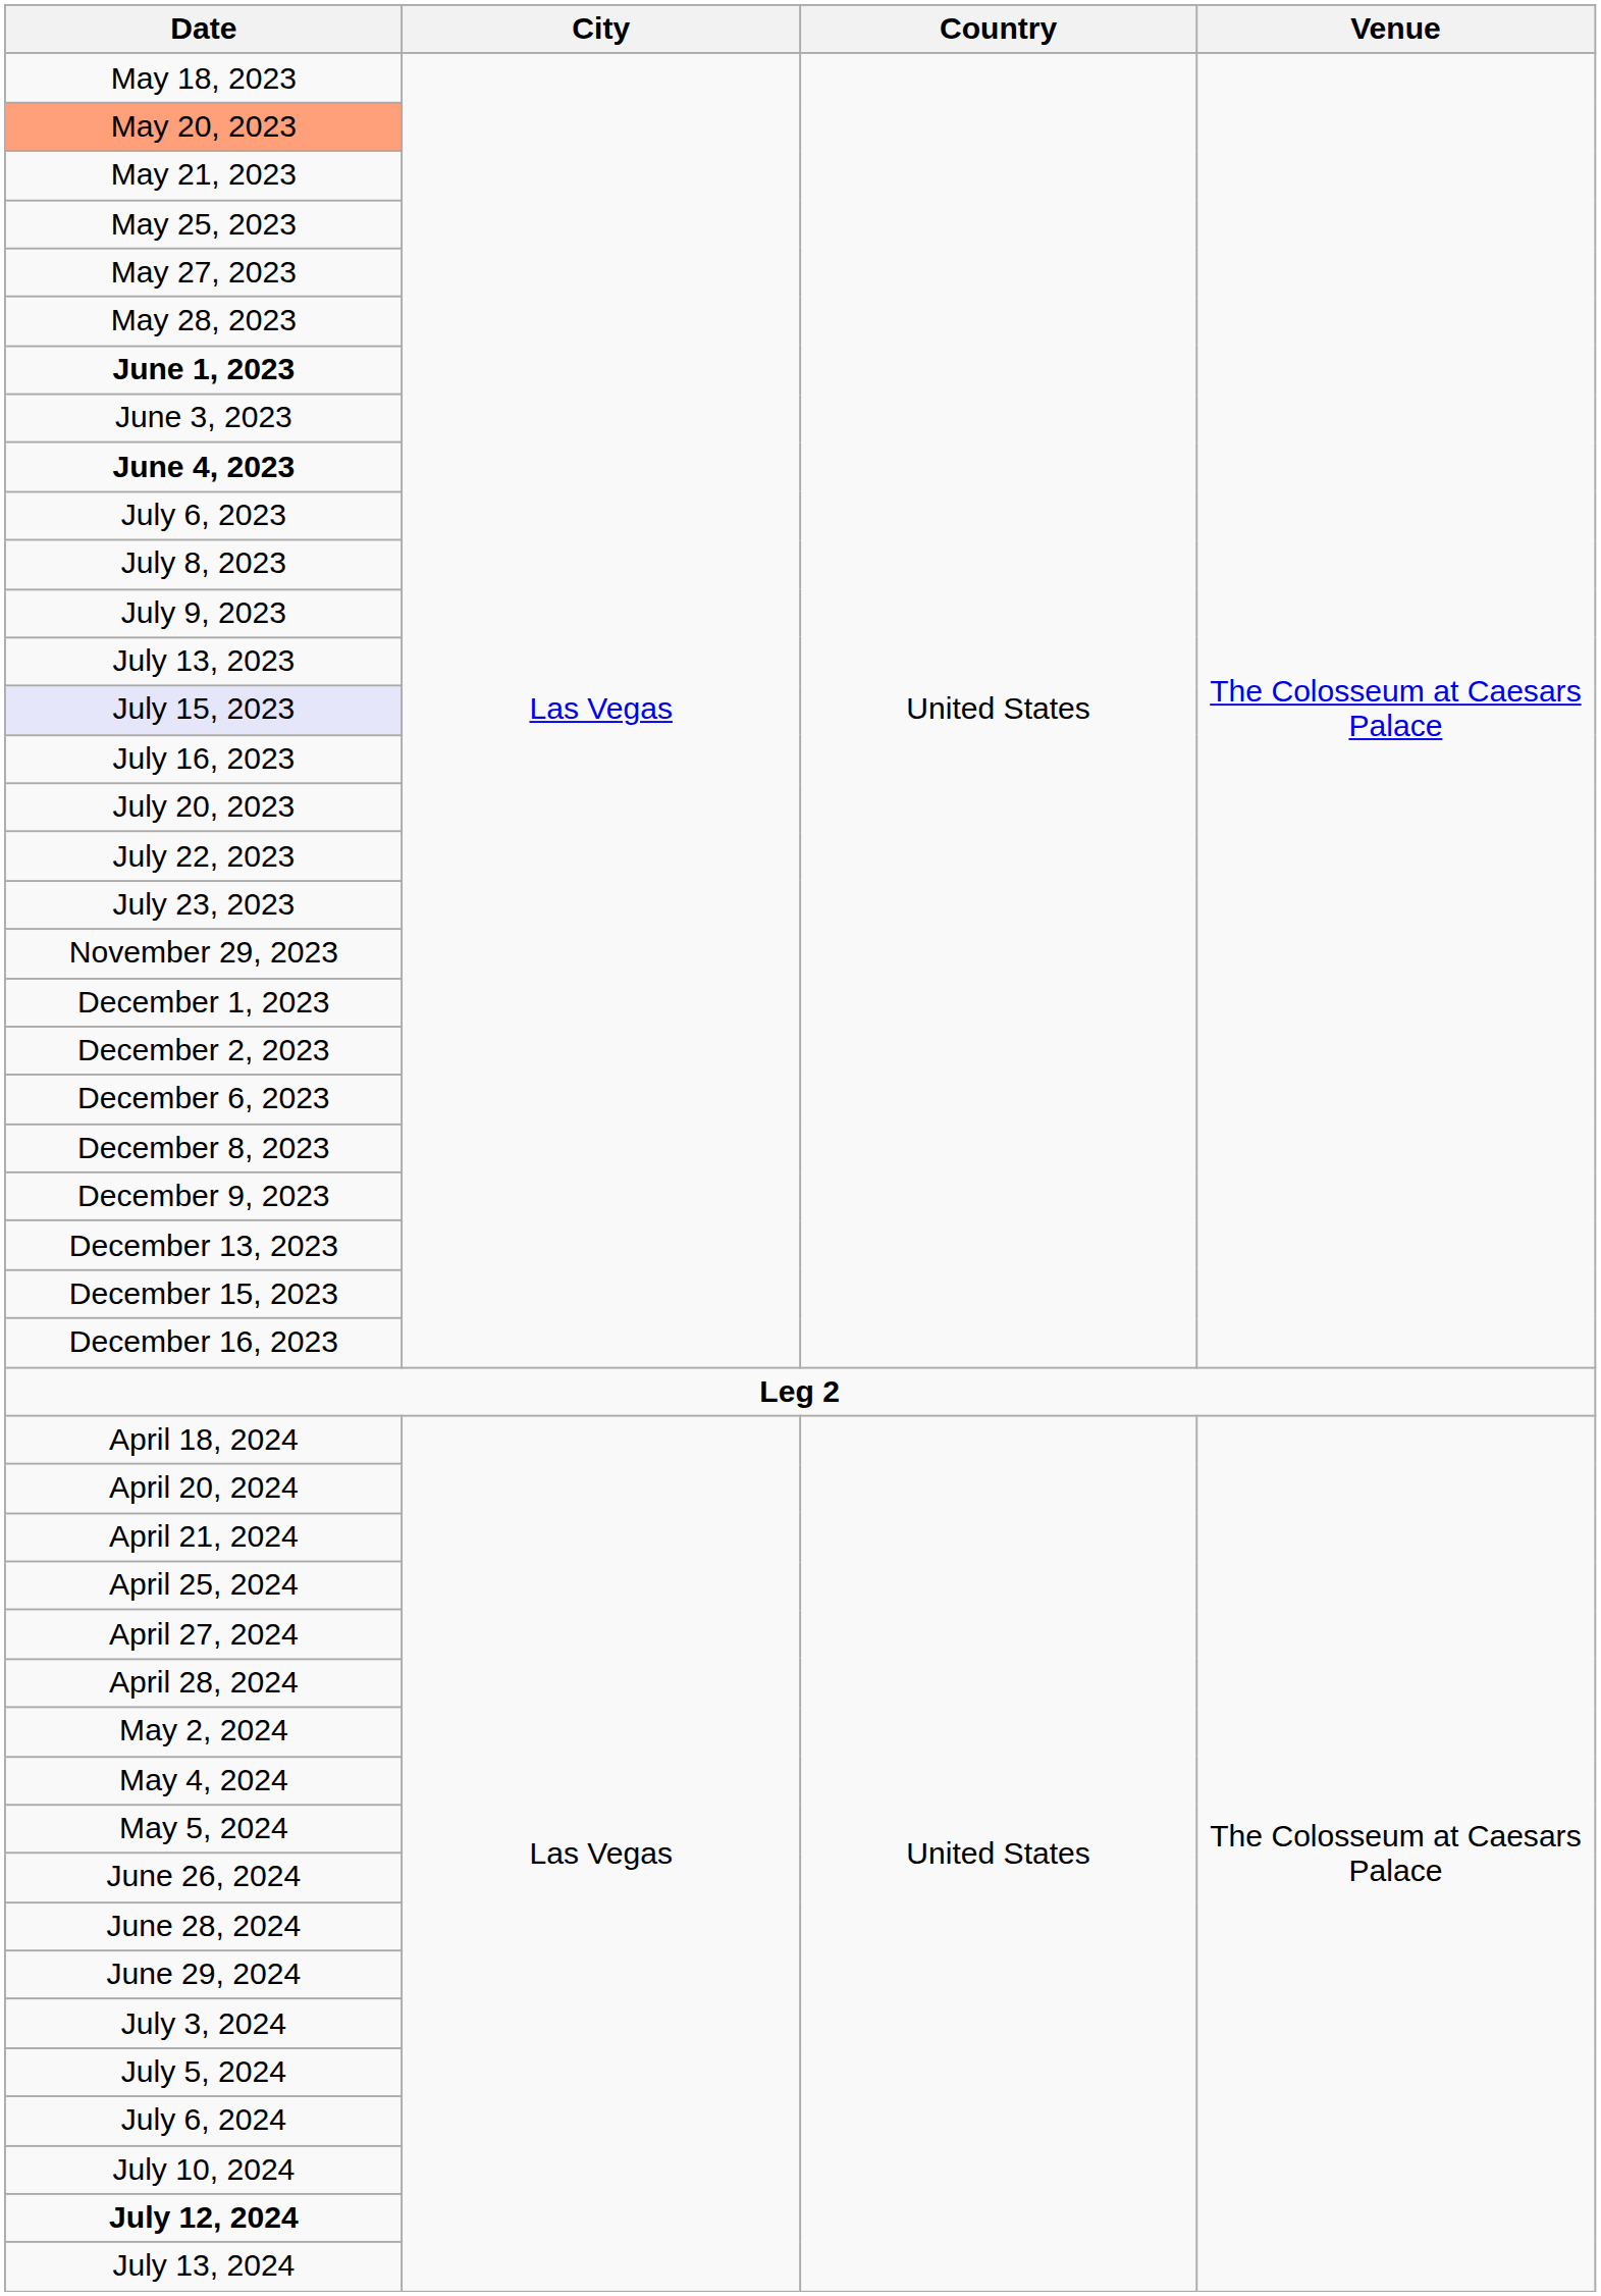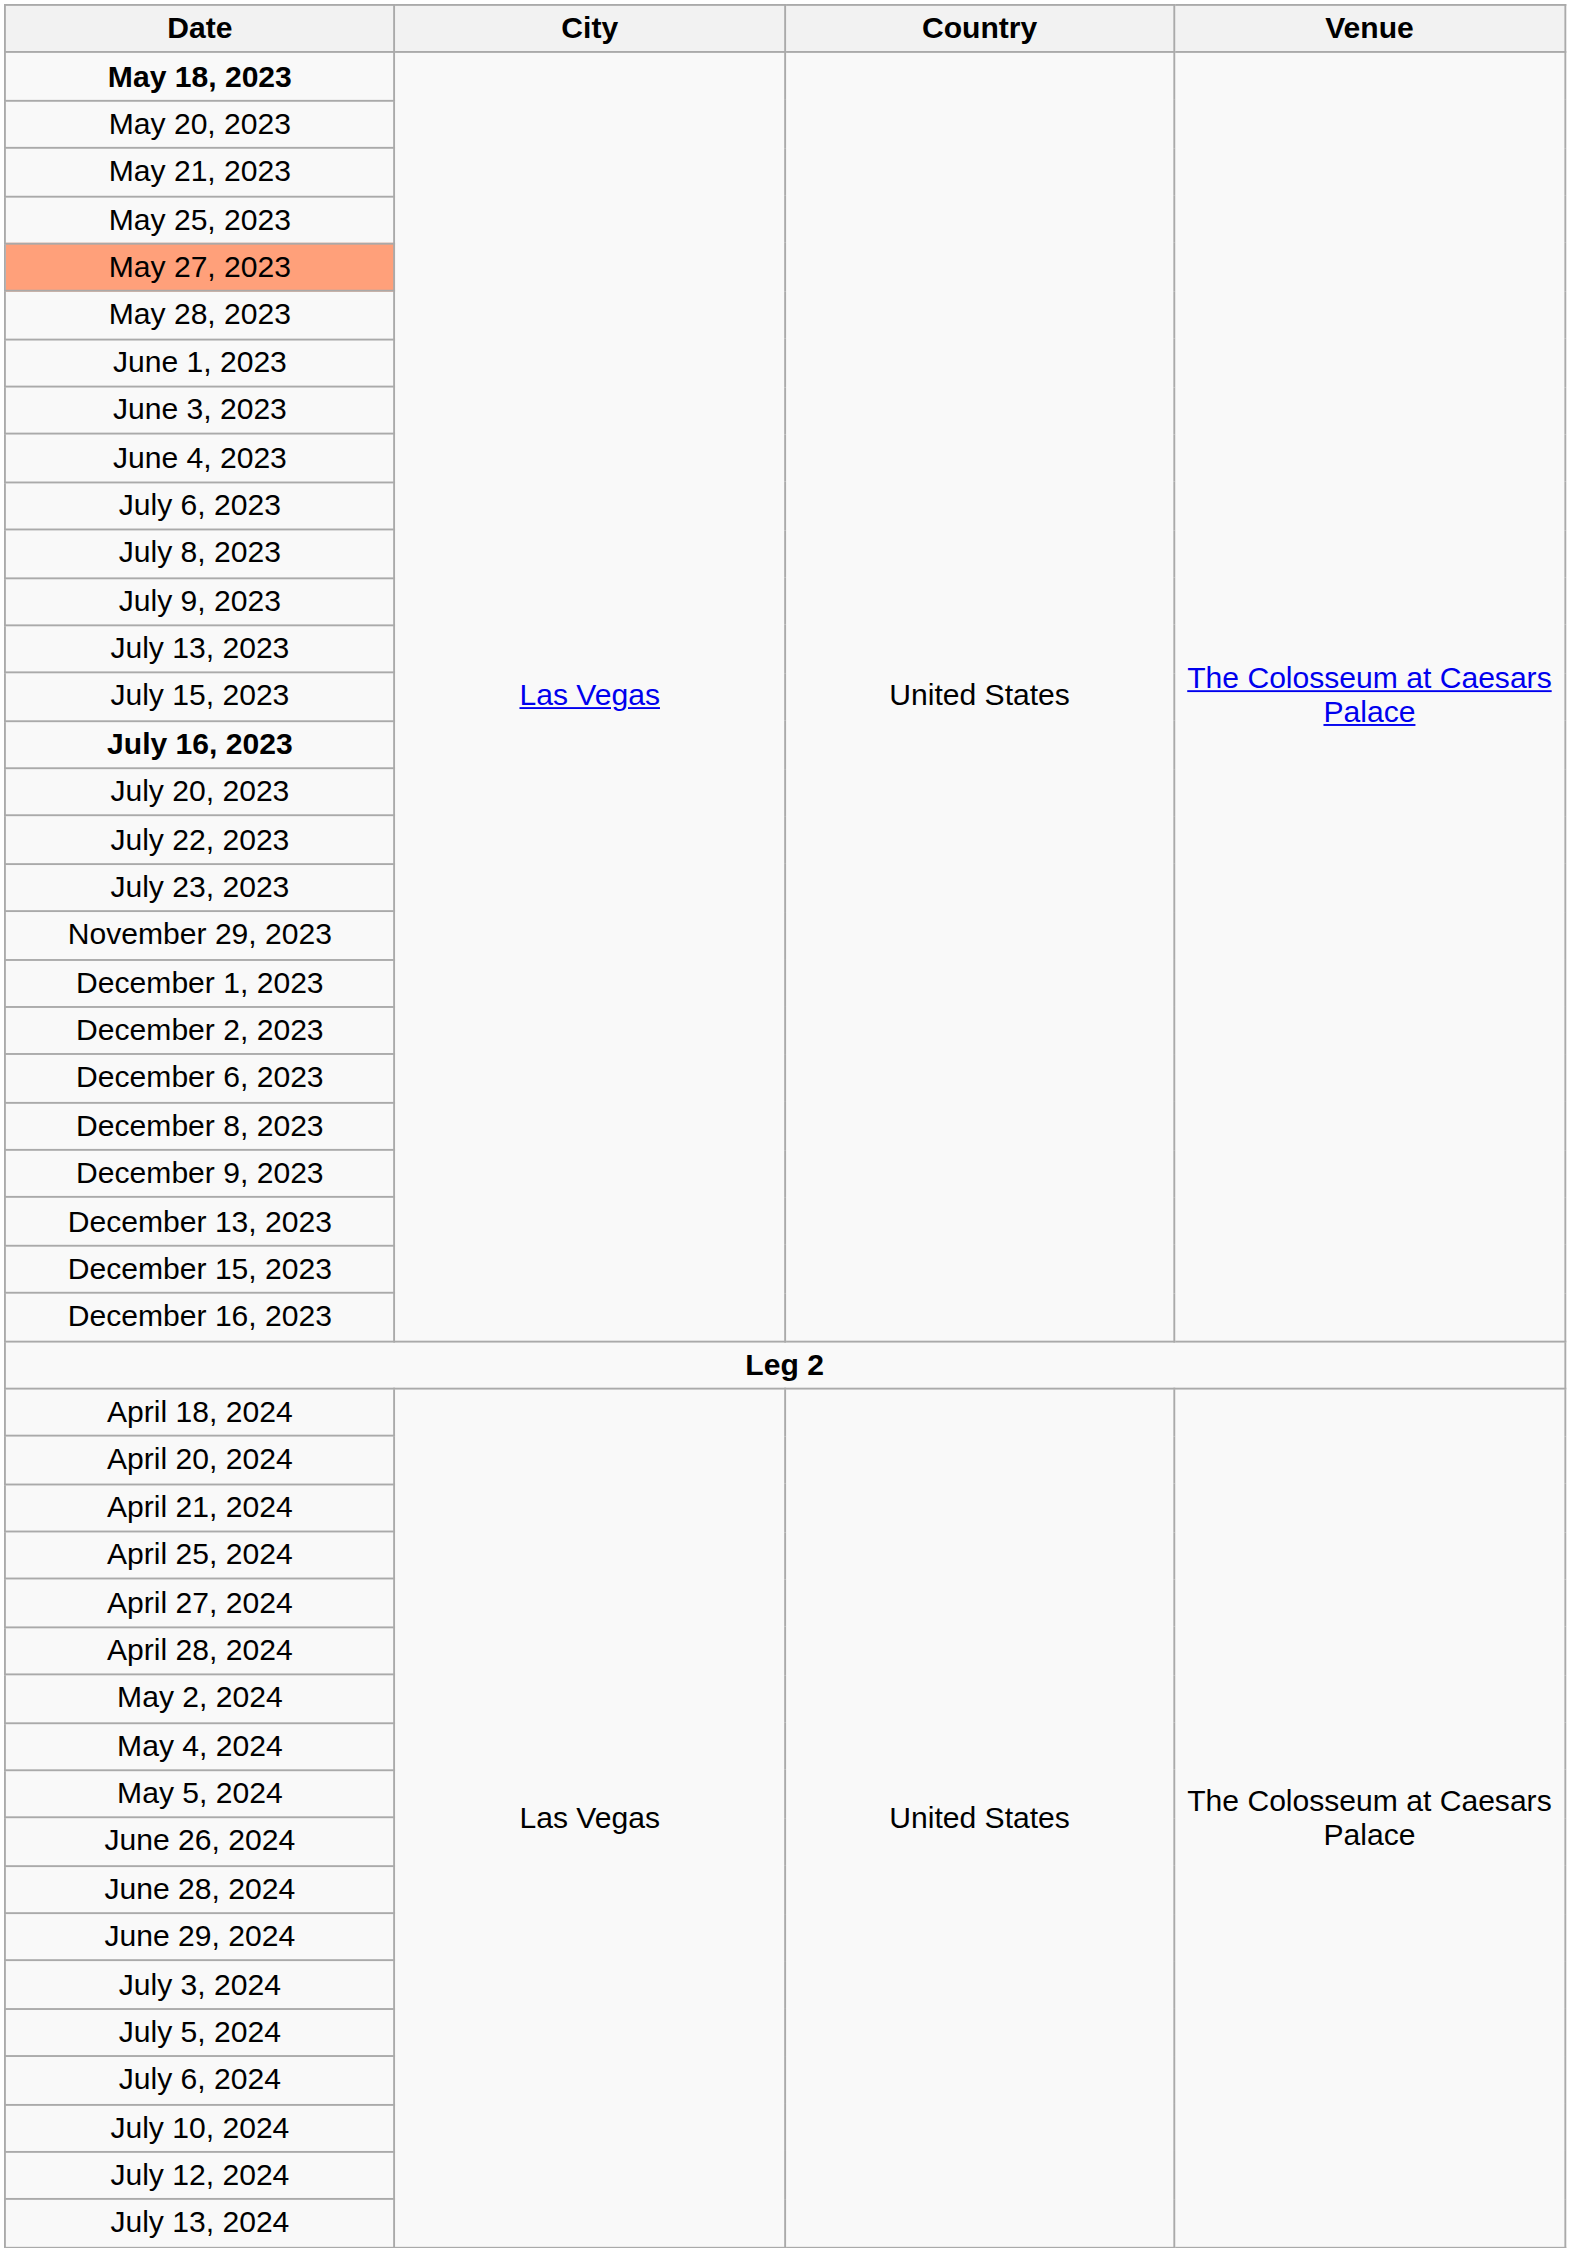 <table class="wikitable" style="text-align:center;">
 <tr>
 <th style="width:200px;">Date</th>
 <th style="width:200px;">City</th>
 <th style="width:200px;">Country</th>
 <th style="width:200px;">Venue</th>
 </tr>
 <tr>
-<td>May 18, 2023</td>
+<td><strong>May 18, 2023</strong></td>
 <td rowspan="27"><a href='#'>Las Vegas</a></td>
 <td rowspan="27">United States</td>
 <td rowspan="27"><a href='#'>The Colosseum at Caesars Palace</a></td>
 </tr>
 <tr>
-<td style="background: lightsalmon;">May 20, 2023</td>
+<td>May 20, 2023</td>
 </tr>
 <tr>
 <td>May 21, 2023</td>
 </tr>
 <tr>
 <td>May 25, 2023</td>
 </tr>
 <tr>
-<td>May 27, 2023</td>
+<td style="background: lightsalmon;">May 27, 2023</td>
 </tr>
 <tr>
 <td>May 28, 2023</td>
 </tr>
 <tr>
-<td><strong>June 1, 2023</strong></td>
+<td>June 1, 2023</td>
 </tr>
 <tr>
 <td>June 3, 2023</td>
 </tr>
 <tr>
-<td><strong>June 4, 2023</strong></td>
+<td>June 4, 2023</td>
 </tr>
 <tr>
 <td>July 6, 2023</td>
 </tr>
 <tr>
 <td>July 8, 2023</td>
 </tr>
 <tr>
 <td>July 9, 2023</td>
 </tr>
 <tr>
 <td>July 13, 2023</td>
 </tr>
 <tr>
-<td style="background: lavender;">July 15, 2023</td>
+<td>July 15, 2023</td>
 </tr>
 <tr>
-<td>July 16, 2023</td>
+<td><strong>July 16, 2023</strong></td>
 </tr>
 <tr>
 <td>July 20, 2023</td>
 </tr>
 <tr>
 <td>July 22, 2023</td>
 </tr>
 <tr>
 <td>July 23, 2023</td>
 </tr>
 <tr>
 <td>November 29, 2023</td>
 </tr>
 <tr>
 <td>December 1, 2023</td>
 </tr>
 <tr>
 <td>December 2, 2023</td>
 </tr>
 <tr>
 <td>December 6, 2023</td>
 </tr>
 <tr>
 <td>December 8, 2023</td>
 </tr>
 <tr>
 <td>December 9, 2023</td>
 </tr>
 <tr>
 <td>December 13, 2023</td>
 </tr>
 <tr>
 <td>December 15, 2023</td>
 </tr>
 <tr>
 <td>December 16, 2023</td>
 </tr>
 <tr>
 <td colspan="4"><strong>Leg 2</strong></td>
 </tr>
 <tr>
 <td>April 18, 2024</td>
 <td rowspan="18">Las Vegas</td>
 <td rowspan="18">United States</td>
 <td rowspan="18">The Colosseum at Caesars Palace</td>
 </tr>
 <tr>
 <td>April 20, 2024</td>
 </tr>
 <tr>
 <td>April 21, 2024</td>
 </tr>
 <tr>
 <td>April 25, 2024</td>
 </tr>
 <tr>
 <td>April 27, 2024</td>
 </tr>
 <tr>
 <td>April 28, 2024</td>
 </tr>
 <tr>
 <td>May 2, 2024</td>
 </tr>
 <tr>
 <td>May 4, 2024</td>
 </tr>
 <tr>
 <td>May 5, 2024</td>
 </tr>
 <tr>
 <td>June 26, 2024</td>
 </tr>
 <tr>
 <td>June 28, 2024</td>
 </tr>
 <tr>
 <td>June 29, 2024</td>
 </tr>
 <tr>
 <td>July 3, 2024</td>
 </tr>
 <tr>
 <td>July 5, 2024</td>
 </tr>
 <tr>
 <td>July 6, 2024</td>
 </tr>
 <tr>
 <td>July 10, 2024</td>
 </tr>
 <tr>
-<td><strong>July 12, 2024</strong></td>
+<td>July 12, 2024</td>
 </tr>
 <tr>
 <td>July 13, 2024</td>
 </tr>
 </table>
